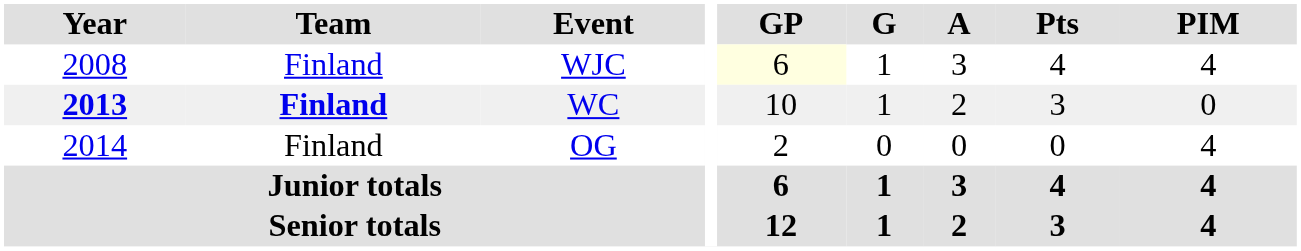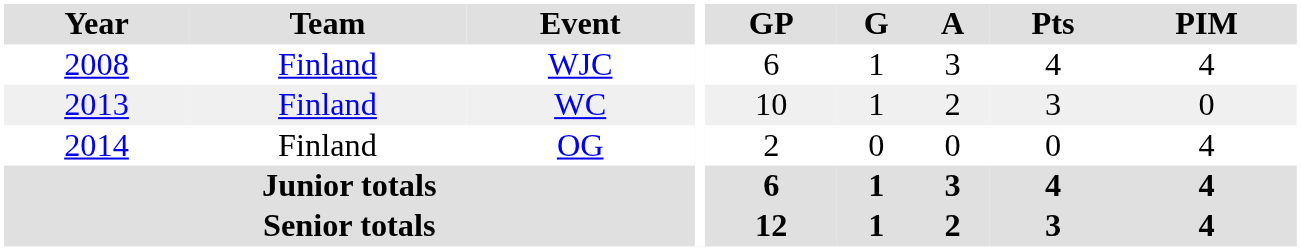 <table border="0" cellpadding="1" cellspacing="0" ID="Table3" style="text-align:center; width:40em">
 <tr ALIGN="center" bgcolor="#e0e0e0">
 <th>Year</th>
 <th>Team</th>
 <th>Event</th>
 <th rowspan="99" bgcolor="#ffffff"></th>
 <th>GP</th>
 <th>G</th>
 <th>A</th>
 <th>Pts</th>
 <th>PIM</th>
 </tr>
 <tr>
 <td><a href='#'>2008</a></td>
 <td><a href='#'>Finland</a></td>
 <td><a href='#'>WJC</a></td>
-<td style="background: lightyellow;">6</td>
+<td>6</td>
 <td>1</td>
 <td>3</td>
 <td>4</td>
 <td>4</td>
 </tr>
 <tr bgcolor="#f0f0f0">
-<td><strong><a href='#'>2013</a></strong></td>
-<td><strong><a href='#'>Finland</a></strong></td>
+<td><a href='#'>2013</a></td>
+<td><a href='#'>Finland</a></td>
 <td><a href='#'>WC</a></td>
 <td>10</td>
 <td>1</td>
 <td>2</td>
 <td>3</td>
 <td>0</td>
 </tr>
 <tr>
 <td><a href='#'>2014</a></td>
 <td>Finland</td>
 <td><a href='#'>OG</a></td>
 <td>2</td>
 <td>0</td>
 <td>0</td>
 <td>0</td>
 <td>4</td>
 </tr>
 <tr bgcolor="#e0e0e0">
 <th colspan="3">Junior totals</th>
 <th>6</th>
 <th>1</th>
 <th>3</th>
 <th>4</th>
 <th>4</th>
 </tr>
 <tr bgcolor="#e0e0e0">
 <th colspan="3">Senior totals</th>
 <th>12</th>
 <th>1</th>
 <th>2</th>
 <th>3</th>
 <th>4</th>
 </tr>
 </table>
